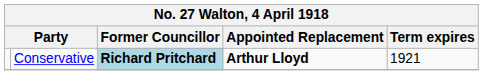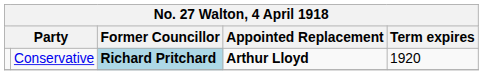 <table class="wikitable">
 <tr>
 <th colspan="5"><strong>No. 27 Walton, 4 April 1918</strong></th>
 </tr>
 <tr>
 <th colspan="2">Party</th>
 <th>Former Councillor</th>
 <th>Appointed Replacement</th>
 <th>Term expires</th>
 </tr>
 <tr>
 <td style="background-color:"></td>
 <td><a href='#'>Conservative</a></td>
 <td style="background: lightblue;"><strong>Richard Pritchard</strong></td>
 <td><strong>Arthur Lloyd</strong></td>
-<td>1921</td>
+<td>1920</td>
 </tr>
 <tr>
 </tr>
 </table>
